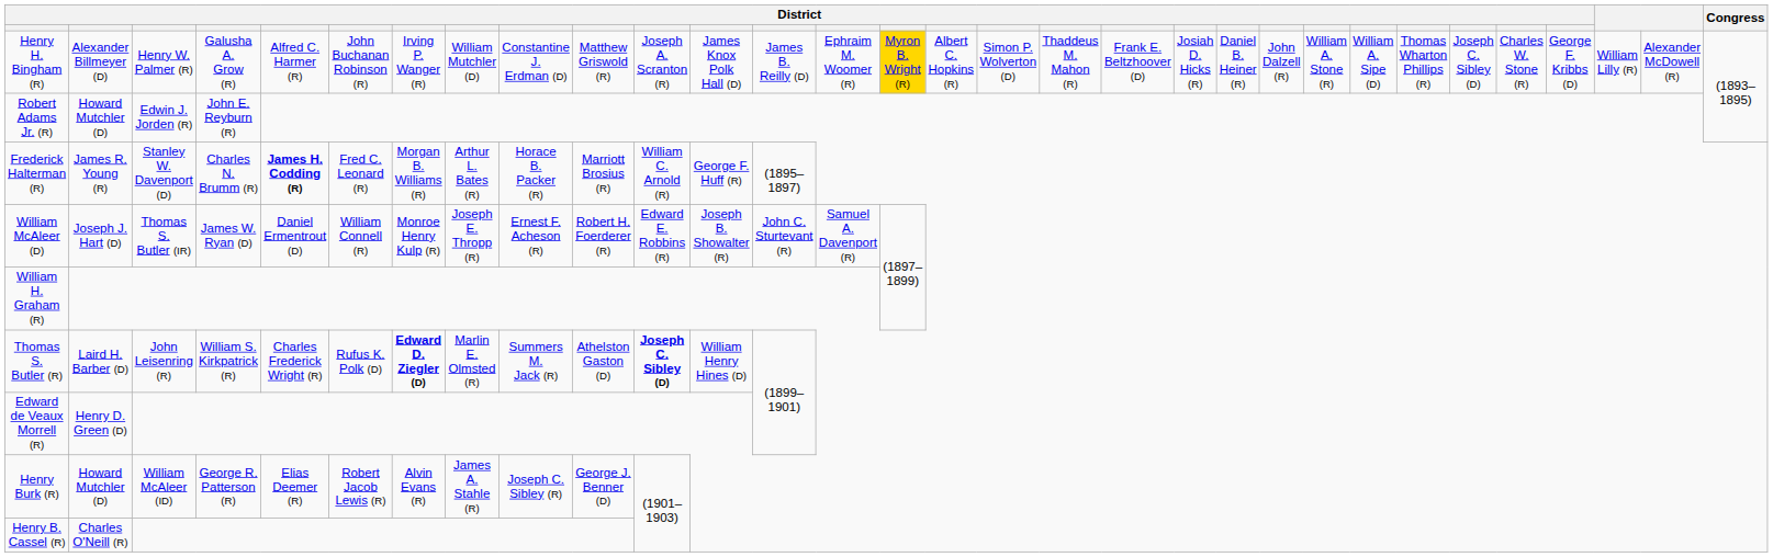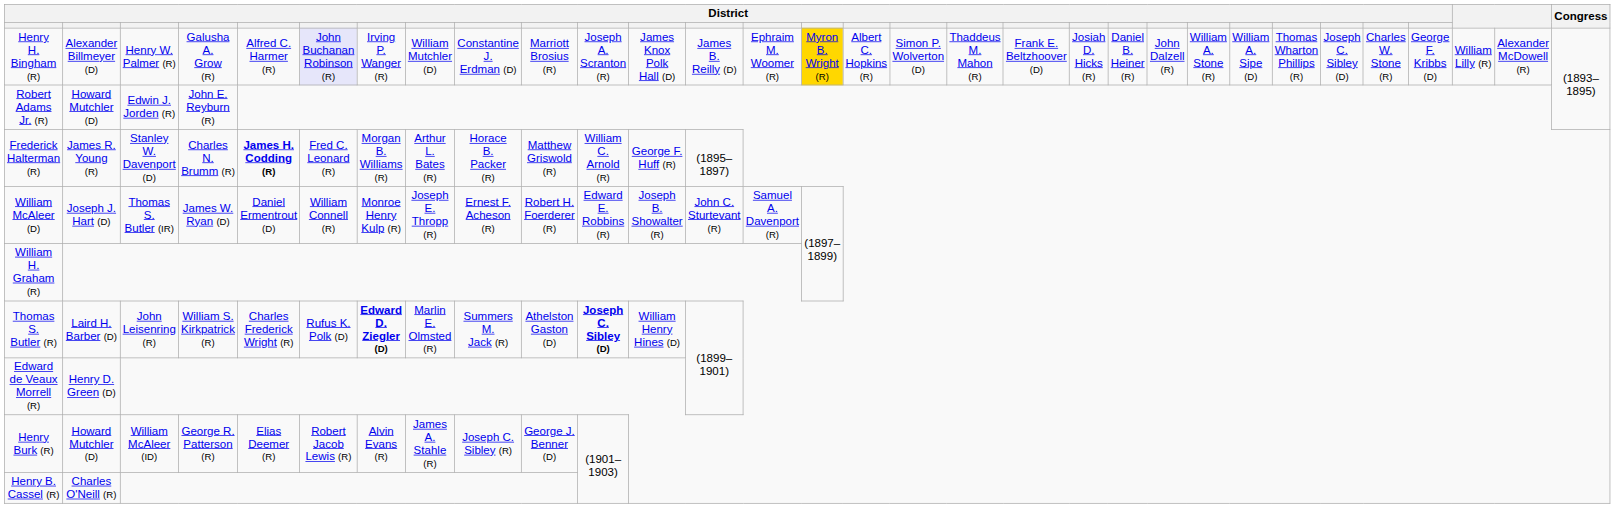 <table class=wikitable style="text-align:center">
 <tr>
 <th colspan=28>District</th>
 <th rowspan=2 colspan=2></th>
 <th rowspan=2>Congress</th>
 </tr>
 <tr>
 <th></th>
 <th></th>
 <th></th>
 <th></th>
 <th></th>
 <th></th>
 <th></th>
 <th></th>
 <th></th>
 <th></th>
 <th></th>
 <th></th>
 <th></th>
 <th></th>
 <th></th>
 <th></th>
 <th></th>
 <th></th>
 <th></th>
 <th></th>
 <th></th>
 <th></th>
 <th></th>
 <th></th>
 <th></th>
 <th></th>
 <th></th>
 <th></th>
 </tr>
 <tr style="height:2em">
 <td><a href='#'>Henry<br>H.<br>Bingham</a><br><small>(R)</small></td>
 <td><a href='#'>Alexander<br>Billmeyer</a> <small>(D)</small></td>
 <td><a href='#'>Henry W.<br>Palmer</a> <small>(R)</small></td>
 <td><a href='#'>Galusha<br>A.<br>Grow</a><br><small>(R)</small></td>
 <td><a href='#'>Alfred C.<br>Harmer</a><br><small>(R)</small></td>
-<td><a href='#'>John<br>Buchanan<br>Robinson</a><br><small>(R)</small></td>
+<td style="background: lavender;"><a href='#'>John<br>Buchanan<br>Robinson</a><br><small>(R)</small></td>
 <td><a href='#'>Irving<br>P.<br>Wanger</a><br><small>(R)</small></td>
 <td><a href='#'>William<br>Mutchler</a> <small>(D)</small></td>
 <td><a href='#'>Constantine<br>J.<br>Erdman</a> <small>(D)</small></td>
-<td><a href='#'>Matthew<br>Griswold</a> <small>(R)</small></td>
+<td><a href='#'>Marriott<br>Brosius</a><br><small>(R)</small></td>
 <td><a href='#'>Joseph A.<br>Scranton</a><br><small>(R)</small></td>
 <td><a href='#'>James<br>Knox<br>Polk<br>Hall</a> <small>(D)</small></td>
 <td><a href='#'>James<br>B.<br>Reilly</a> <small>(D)</small></td>
 <td><a href='#'>Ephraim<br>M.<br>Woomer</a><br><small>(R)</small></td>
 <td style="background: gold;"><a href='#'>Myron B.<br>Wright</a> <small>(R)</small></td>
 <td><a href='#'>Albert<br>C.<br>Hopkins</a><br><small>(R)</small></td>
 <td><a href='#'>Simon P.<br>Wolverton</a><br><small>(D)</small></td>
 <td><a href='#'>Thaddeus<br>M.<br>Mahon</a><br><small>(R)</small></td>
 <td><a href='#'>Frank E.<br>Beltzhoover</a><br><small>(D)</small></td>
 <td><a href='#'>Josiah<br>D.<br>Hicks</a> <small>(R)</small></td>
 <td><a href='#'>Daniel B.<br>Heiner</a> <small>(R)</small></td>
 <td><a href='#'>John<br>Dalzell</a><br><small>(R)</small></td>
 <td><a href='#'>William<br>A.<br>Stone</a><br><small>(R)</small></td>
 <td><a href='#'>William<br>A.<br>Sipe</a> <small>(D)</small></td>
 <td><a href='#'>Thomas<br>Wharton<br>Phillips</a><br><small>(R)</small></td>
 <td><a href='#'>Joseph C.<br>Sibley</a> <small>(D)</small></td>
 <td><a href='#'>Charles<br>W.<br>Stone</a> <small>(R)</small></td>
 <td><a href='#'>George<br>F.<br>Kribbs</a><br><small>(D)</small></td>
 <td><a href='#'>William<br>Lilly</a> <small>(R)</small></td>
 <td><a href='#'>Alexander<br>McDowell</a><br><small>(R)</small></td>
 <td rowspan=2><strong></strong><br>(1893–1895)</td>
 </tr>
 <tr style="height:2em">
 <td><a href='#'>Robert<br>Adams<br>Jr.</a> <small>(R)</small></td>
 <td><a href='#'>Howard<br>Mutchler</a> <small>(D)</small></td>
 <td><a href='#'>Edwin J.<br>Jorden</a> <small>(R)</small></td>
 <td><a href='#'>John E.<br>Reyburn</a><br><small>(R)</small></td>
 </tr>
 <tr style="height:2em">
 <td><a href='#'>Frederick<br>Halterman</a> <small>(R)</small></td>
 <td><a href='#'>James R.<br>Young</a><br><small>(R)</small></td>
 <td><a href='#'>Stanley W.<br>Davenport</a> <small>(D)</small></td>
 <td><a href='#'>Charles N.<br>Brumm</a> <small>(R)</small></td>
 <td><strong><a href='#'>James H.<br>Codding</a><br><small>(R)</small></strong></td>
 <td><a href='#'>Fred C.<br>Leonard</a> <small>(R)</small></td>
 <td><a href='#'>Morgan B.<br>Williams</a> <small>(R)</small></td>
 <td><a href='#'>Arthur<br>L.<br>Bates</a> <small>(R)</small></td>
 <td><a href='#'>Horace<br>B.<br>Packer</a><br><small>(R)</small></td>
-<td><a href='#'>Marriott<br>Brosius</a><br><small>(R)</small></td>
+<td><a href='#'>Matthew<br>Griswold</a> <small>(R)</small></td>
 <td><a href='#'>William<br>C.<br>Arnold</a><br><small>(R)</small></td>
 <td><a href='#'>George F.<br>Huff</a> <small>(R)</small></td>
 <td><strong></strong><br>(1895–1897)</td>
 </tr>
 <tr style="height:2em">
 <td><a href='#'>William<br>McAleer</a> <small>(D)</small></td>
 <td><a href='#'>Joseph J.<br>Hart</a> <small>(D)</small></td>
 <td><a href='#'>Thomas S.<br>Butler</a> <small>(IR)</small></td>
 <td><a href='#'>James W.<br>Ryan</a> <small>(D)</small></td>
 <td><a href='#'>Daniel<br>Ermentrout</a><br><small>(D)</small></td>
 <td><a href='#'>William<br>Connell</a><br><small>(R)</small></td>
 <td><a href='#'>Monroe<br>Henry<br>Kulp</a> <small>(R)</small></td>
 <td><a href='#'>Joseph E.<br>Thropp</a> <small>(R)</small></td>
 <td><a href='#'>Ernest F.<br>Acheson</a><br><small>(R)</small></td>
 <td><a href='#'>Robert H.<br>Foerderer</a><br><small>(R)</small></td>
 <td><a href='#'>Edward E.<br>Robbins</a> <small>(R)</small></td>
 <td><a href='#'>Joseph<br>B.<br>Showalter</a><br><small>(R)</small></td>
 <td><a href='#'>John C.<br>Sturtevant</a> <small>(R)</small></td>
 <td><a href='#'>Samuel<br>A.<br>Davenport</a><br><small>(R)</small></td>
 <td rowspan=2><strong></strong><br>(1897–1899)</td>
 </tr>
 <tr style="height:2em">
 <td><a href='#'>William<br>H.<br>Graham</a><br><small>(R)</small></td>
 </tr>
 <tr style="height:2em">
 <td><a href='#'>Thomas S.<br>Butler</a> <small>(R)</small></td>
 <td><a href='#'>Laird H.<br>Barber</a> <small>(D)</small></td>
 <td><a href='#'>John<br>Leisenring</a> <small>(R)</small></td>
 <td><a href='#'>William S.<br>Kirkpatrick</a> <small>(R)</small></td>
 <td><a href='#'>Charles<br>Frederick<br>Wright</a> <small>(R)</small></td>
 <td><a href='#'>Rufus K.<br>Polk</a> <small>(D)</small></td>
 <td><strong><a href='#'>Edward D.<br>Ziegler</a> <small>(D)</small></strong></td>
 <td><a href='#'>Marlin<br>E.<br>Olmsted</a><br><small>(R)</small></td>
 <td><a href='#'>Summers<br>M.<br>Jack</a> <small>(R)</small></td>
 <td><a href='#'>Athelston<br>Gaston</a> <small>(D)</small></td>
 <td><strong><a href='#'>Joseph C.<br>Sibley</a> <small>(D)</small></strong></td>
 <td><a href='#'>William<br>Henry<br>Hines</a> <small>(D)</small></td>
 <td rowspan=2><strong></strong><br>(1899–1901)</td>
 </tr>
 <tr style="height:2em">
 <td><a href='#'>Edward<br>de Veaux<br>Morrell</a><br><small>(R)</small></td>
 <td><a href='#'>Henry D.<br>Green</a> <small>(D)</small></td>
 </tr>
 <tr style="height:2em">
 <td><a href='#'>Henry<br>Burk</a> <small>(R)</small></td>
 <td><a href='#'>Howard<br>Mutchler</a> <small>(D)</small></td>
 <td><a href='#'>William<br>McAleer</a> <small>(ID)</small></td>
 <td><a href='#'>George R.<br>Patterson</a><br><small>(R)</small></td>
 <td><a href='#'>Elias<br>Deemer</a><br><small>(R)</small></td>
 <td><a href='#'>Robert<br>Jacob<br>Lewis</a> <small>(R)</small></td>
 <td><a href='#'>Alvin<br>Evans</a> <small>(R)</small></td>
 <td><a href='#'>James A.<br>Stahle</a> <small>(R)</small></td>
 <td><a href='#'>Joseph C.<br>Sibley</a> <small>(R)</small></td>
 <td><a href='#'>George J.<br>Benner</a> <small>(D)</small></td>
 <td rowspan=2><strong></strong><br>(1901–1903)</td>
 </tr>
 <tr style="height:2em">
 <td><a href='#'>Henry B.<br>Cassel</a> <small>(R)</small></td>
 <td><a href='#'>Charles<br>O'Neill</a> <small>(R)</small></td>
 </tr>
 </table>
